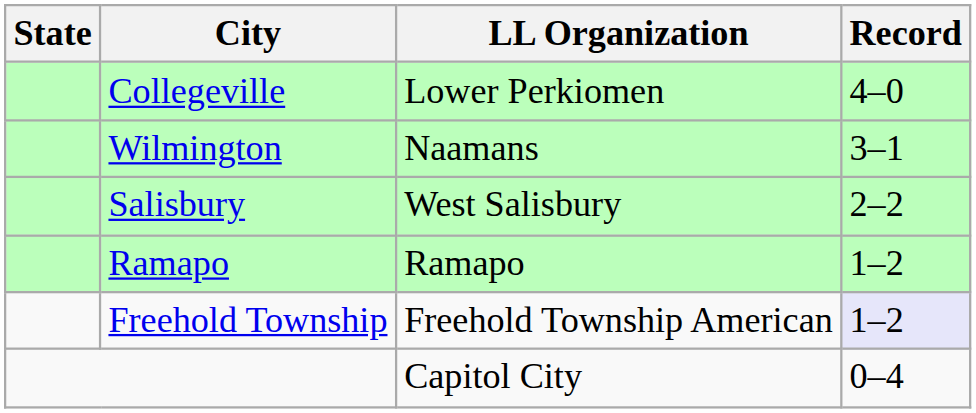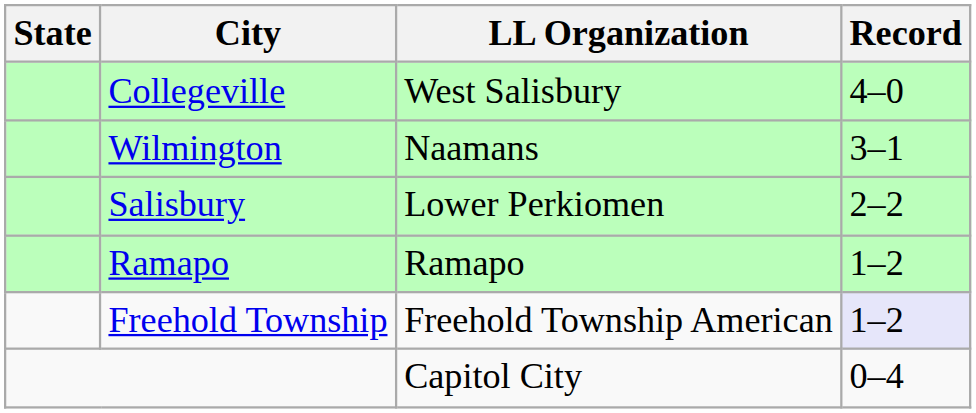 <table class="wikitable">
 <tr>
 <th>State</th>
 <th>City</th>
 <th>LL Organization</th>
 <th>Record</th>
 </tr>
 <tr bgcolor=#bbffbb>
 <td><strong></strong></td>
 <td><a href='#'>Collegeville</a></td>
-<td>Lower Perkiomen</td>
+<td>West Salisbury</td>
 <td>4–0</td>
 </tr>
 <tr bgcolor=#bbffbb>
 <td><strong></strong></td>
 <td><a href='#'>Wilmington</a></td>
 <td>Naamans</td>
 <td>3–1</td>
 </tr>
 <tr bgcolor=#bbffbb>
 <td><strong></strong></td>
 <td><a href='#'>Salisbury</a></td>
-<td>West Salisbury</td>
+<td>Lower Perkiomen</td>
 <td>2–2</td>
 </tr>
 <tr bgcolor=#bbffbb>
 <td><strong></strong></td>
 <td><a href='#'>Ramapo</a></td>
 <td>Ramapo</td>
 <td>1–2</td>
 </tr>
 <tr>
 <td><strong></strong></td>
 <td><a href='#'>Freehold Township</a></td>
 <td>Freehold Township American</td>
 <td style="background: lavender;">1–2</td>
 </tr>
 <tr>
 <td colspan="2"><strong></strong></td>
 <td>Capitol City</td>
 <td>0–4</td>
 </tr>
 </table>
